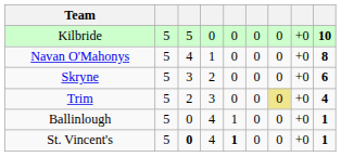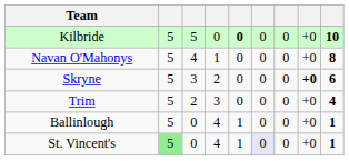 <table class="wikitable" style="text-align:center">
 <tr>
 <th style="width:175px;">Team</th>
 <th width="20"></th>
 <th width="20"></th>
 <th width="20"></th>
 <th width="20"></th>
 <th width="20"></th>
 <th width="20"></th>
 <th width="20"></th>
 <th width="20"></th>
 </tr>
 <tr style="background:#cfc;">
 <td>Kilbride</td>
 <td>5</td>
 <td>5</td>
 <td>0</td>
-<td>0</td>
+<td><strong>0</strong></td>
 <td>0</td>
 <td>0</td>
 <td>+0</td>
 <td><strong>10</strong></td>
 </tr>
 <tr>
 <td><a href='#'>Navan O'Mahonys</a></td>
 <td>5</td>
 <td>4</td>
 <td>1</td>
 <td>0</td>
 <td>0</td>
 <td>0</td>
 <td>+0</td>
 <td><strong>8</strong></td>
 </tr>
 <tr>
 <td><a href='#'>Skryne</a></td>
 <td>5</td>
 <td>3</td>
 <td>2</td>
 <td>0</td>
 <td>0</td>
 <td>0</td>
-<td>+0</td>
+<td><strong>+0</strong></td>
 <td><strong>6</strong></td>
 </tr>
 <tr>
 <td><a href='#'>Trim</a></td>
 <td>5</td>
 <td>2</td>
 <td>3</td>
 <td>0</td>
 <td>0</td>
-<td style="background: khaki;">0</td>
+<td>0</td>
 <td>+0</td>
 <td><strong>4</strong></td>
 </tr>
 <tr>
 <td>Ballinlough</td>
 <td>5</td>
 <td>0</td>
 <td>4</td>
 <td>1</td>
 <td>0</td>
 <td>0</td>
 <td>+0</td>
 <td><strong>1</strong></td>
 </tr>
 <tr>
 <td>St. Vincent's</td>
-<td>5</td>
-<td><strong>0</strong></td>
+<td style="background: lightgreen;">5</td>
+<td>0</td>
 <td>4</td>
-<td><strong>1</strong></td>
-<td>0</td>
+<td>1</td>
+<td style="background: lavender;">0</td>
 <td>0</td>
 <td>+0</td>
 <td><strong>1</strong></td>
 </tr>
 </table>
